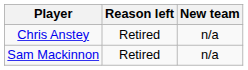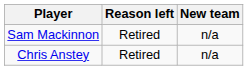 <table class="wikitable sortable sortable" style="text-align: center">
 <tr>
 <th>Player</th>
 <th>Reason left</th>
 <th>New team</th>
 </tr>
 <tr>
+<td><a href='#'>Sam Mackinnon</a></td>
+<td>Retired</td>
+<td>n/a</td>
+</tr>
+<tr>
 <td><a href='#'>Chris Anstey</a></td>
 <td>Retired</td>
 <td>n/a</td>
 </tr>
-<tr>
-<td><a href='#'>Sam Mackinnon</a></td>
-<td>Retired</td>
-<td>n/a</td>
-</tr>
 </table>
